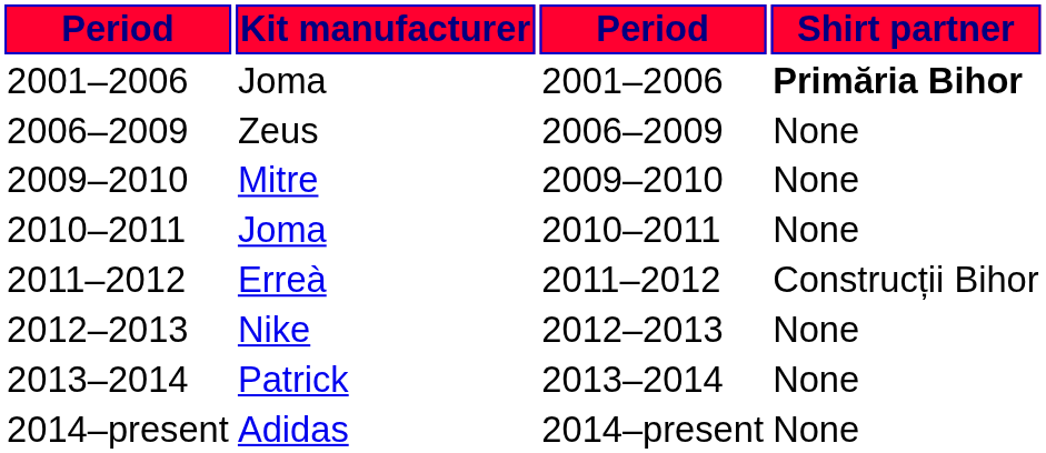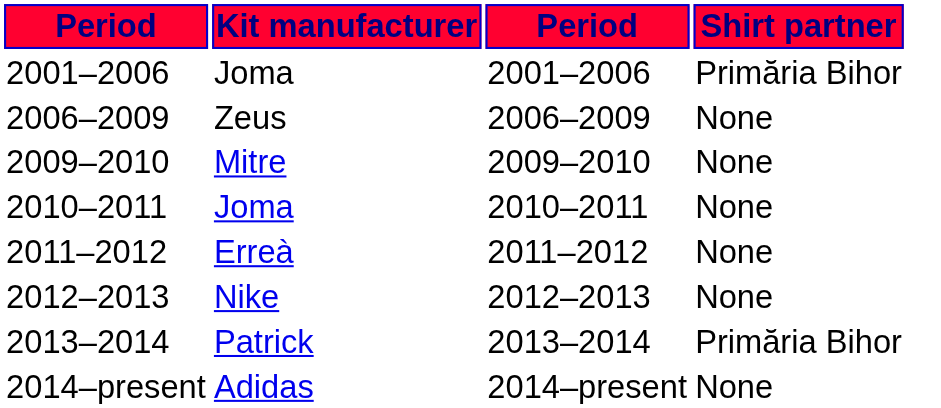 <table class="toccolours">
 <tr>
 <th style="background:#FF0030;color:#000080;border:1px solid #0000CD">Period</th>
 <th style="background:#FF0030;color:#000080;border:1px solid #0000CD">Kit manufacturer</th>
 <th style="background:#FF0030;color:#000080;border:1px solid #0000CD">Period</th>
 <th style="background:#FF0030;color:#000080;border:1px solid #0000CD">Shirt partner</th>
 </tr>
 <tr>
 <td>2001–2006</td>
 <td rowspan=1>Joma</td>
 <td>2001–2006</td>
-<td rowspan=1><strong>Primăria Bihor</strong></td>
+<td rowspan=1>Primăria Bihor</td>
 </tr>
 <tr>
 <td>2006–2009</td>
 <td rowspan=1> Zeus</td>
 <td>2006–2009</td>
 <td rowspan=1>None</td>
 </tr>
 <tr>
 <td>2009–2010</td>
 <td rowspan=1> <a href='#'>Mitre</a></td>
 <td>2009–2010</td>
 <td rowspan=1>None</td>
 </tr>
 <tr>
 <td>2010–2011</td>
 <td rowspan=1> <a href='#'>Joma</a></td>
 <td>2010–2011</td>
 <td rowspan=1>None</td>
 </tr>
 <tr>
 <td>2011–2012</td>
 <td rowspan=1> <a href='#'>Erreà</a></td>
 <td>2011–2012</td>
-<td rowspan=1> Construcții Bihor</td>
+<td rowspan=1>None</td>
 </tr>
 <tr>
 <td>2012–2013</td>
 <td rowspan=1> <a href='#'>Nike</a></td>
 <td>2012–2013</td>
 <td rowspan=1>None</td>
 </tr>
 <tr>
 <td>2013–2014</td>
 <td rowspan=1> <a href='#'>Patrick</a></td>
 <td>2013–2014</td>
-<td rowspan=1>None</td>
+<td rowspan=1>Primăria Bihor</td>
 </tr>
 <tr>
 <td>2014–present</td>
 <td rowspan=1> <a href='#'>Adidas</a></td>
 <td>2014–present</td>
 <td rowspan=1>None</td>
 </tr>
 </table>
